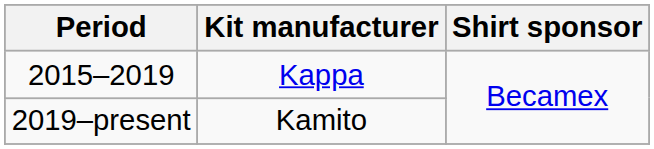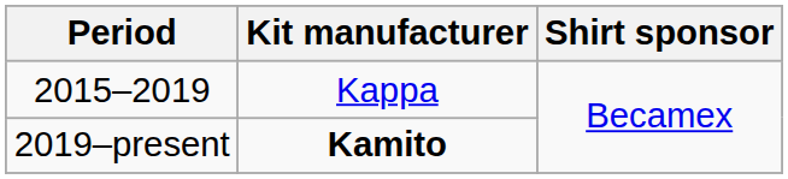 <table class="wikitable" style="text-align: center">
 <tr>
 <th>Period</th>
 <th>Kit manufacturer</th>
 <th>Shirt sponsor</th>
 </tr>
 <tr>
 <td>2015–2019</td>
 <td> <a href='#'>Kappa</a></td>
 <td rowspan="2"><a href='#'>Becamex</a></td>
 </tr>
 <tr>
 <td>2019–present</td>
-<td> Kamito</td>
+<td><strong> Kamito</strong></td>
 </tr>
 </table>
